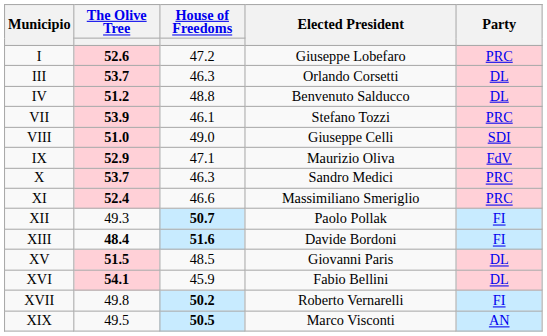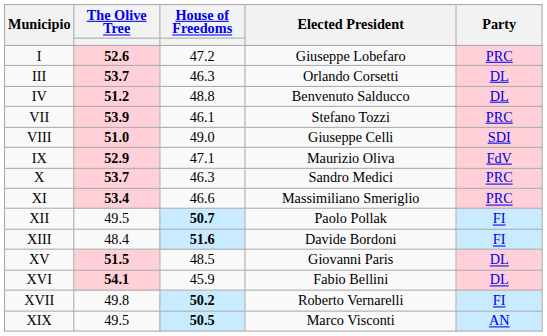 <table class="wikitable" style="text-align:center; font-size:85%; line-height:13px">
 <tr style="height:30px; background-color:#E9E9E9">
 <th style="width:50px;" rowspan="2">Municipio</th>
 <th style="width:75px;"><a href='#'>The Olive Tree</a></th>
 <th style="width:75px;"><a href='#'>House of Freedoms</a></th>
 <th style="width:195px;" rowspan="2">Elected President</th>
 <th style="width:75px;" rowspan="2">Party</th>
 </tr>
 <tr>
 <th style="background:"></th>
 <th style="background:"></th>
 </tr>
 <tr>
 <td>I</td>
 <td style="background:#FFD0D7"><strong>52.6</strong></td>
 <td>47.2</td>
 <td>Giuseppe Lobefaro</td>
 <td style="background:#FFD0D7"><a href='#'>PRC</a></td>
 </tr>
 <tr>
 <td>III</td>
 <td style="background:#FFD0D7"><strong>53.7</strong></td>
 <td>46.3</td>
 <td>Orlando Corsetti</td>
 <td style="background:#FFD0D7"><a href='#'>DL</a></td>
 </tr>
 <tr>
 <td>IV</td>
 <td style="background:#FFD0D7"><strong>51.2</strong></td>
 <td>48.8</td>
 <td>Benvenuto Salducco</td>
 <td style="background:#FFD0D7"><a href='#'>DL</a></td>
 </tr>
 <tr>
 <td>VII</td>
 <td style="background:#FFD0D7"><strong>53.9</strong></td>
 <td>46.1</td>
 <td>Stefano Tozzi</td>
 <td style="background:#FFD0D7"><a href='#'>PRC</a></td>
 </tr>
 <tr>
 <td>VIII</td>
 <td style="background:#FFD0D7"><strong>51.0</strong></td>
 <td>49.0</td>
 <td>Giuseppe Celli</td>
 <td style="background:#FFD0D7"><a href='#'>SDI</a></td>
 </tr>
 <tr>
 <td>IX</td>
 <td style="background:#FFD0D7"><strong>52.9</strong></td>
 <td>47.1</td>
 <td>Maurizio Oliva</td>
 <td style="background:#FFD0D7"><a href='#'>FdV</a></td>
 </tr>
 <tr>
 <td>X</td>
 <td style="background:#FFD0D7"><strong>53.7</strong></td>
 <td>46.3</td>
 <td>Sandro Medici</td>
 <td style="background:#FFD0D7"><a href='#'>PRC</a></td>
 </tr>
 <tr>
 <td>XI</td>
-<td style="background:#FFD0D7"><strong>52.4</strong></td>
+<td style="background:#FFD0D7"><strong>53.4</strong></td>
 <td>46.6</td>
 <td>Massimiliano Smeriglio</td>
 <td style="background:#FFD0D7"><a href='#'>PRC</a></td>
 </tr>
 <tr>
 <td>XII</td>
-<td>49.3</td>
+<td>49.5</td>
 <td style="background:#C8EBFF"><strong>50.7</strong></td>
 <td>Paolo Pollak</td>
 <td style="background:#C8EBFF"><a href='#'>FI</a></td>
 </tr>
 <tr>
 <td>XIII</td>
-<td><strong>48.4</strong></td>
+<td>48.4</td>
 <td style="background:#C8EBFF"><strong>51.6</strong></td>
 <td>Davide Bordoni</td>
 <td style="background:#C8EBFF"><a href='#'>FI</a></td>
 </tr>
 <tr>
 <td>XV</td>
 <td style="background:#FFD0D7"><strong>51.5</strong></td>
 <td>48.5</td>
 <td>Giovanni Paris</td>
 <td style="background:#FFD0D7"><a href='#'>DL</a></td>
 </tr>
 <tr>
 <td>XVI</td>
 <td style="background:#FFD0D7"><strong>54.1</strong></td>
 <td>45.9</td>
 <td>Fabio Bellini</td>
 <td style="background:#FFD0D7"><a href='#'>DL</a></td>
 </tr>
 <tr>
 <td>XVII</td>
 <td>49.8</td>
 <td style="background:#C8EBFF"><strong>50.2</strong></td>
 <td>Roberto Vernarelli</td>
 <td style="background:#C8EBFF"><a href='#'>FI</a></td>
 </tr>
 <tr>
 <td>XIX</td>
 <td>49.5</td>
 <td style="background:#C8EBFF"><strong>50.5</strong></td>
 <td>Marco Visconti</td>
 <td style="background:#C8EBFF"><a href='#'>AN</a></td>
 </tr>
 </table>
